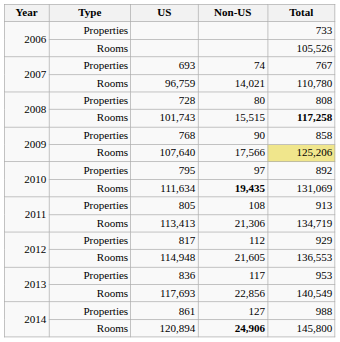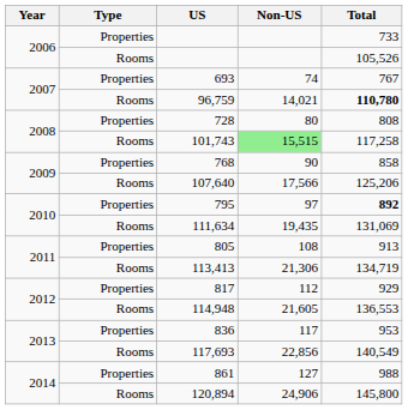 <table class="wikitable mw-collapsible" style="text-align:right; min-width:30em;">
 <tr>
 <th scope="col">Year</th>
 <th scope="col">Type</th>
 <th scope="col">US</th>
 <th scope="col">Non-US</th>
 <th scope="col">Total</th>
 </tr>
 <tr>
 <td rowspan=2>2006</td>
 <td>Properties</td>
 <td></td>
 <td></td>
 <td>733</td>
 </tr>
 <tr>
 <td>Rooms</td>
 <td></td>
 <td></td>
 <td>105,526</td>
 </tr>
 <tr>
 <td rowspan=2>2007</td>
 <td>Properties</td>
 <td>693</td>
 <td>74</td>
 <td>767</td>
 </tr>
 <tr>
 <td>Rooms</td>
 <td>96,759</td>
 <td>14,021</td>
-<td>110,780</td>
+<td><strong>110,780</strong></td>
 </tr>
 <tr>
 <td rowspan=2>2008</td>
 <td>Properties</td>
 <td>728</td>
 <td>80</td>
 <td>808</td>
 </tr>
 <tr>
 <td>Rooms</td>
 <td>101,743</td>
-<td>15,515</td>
-<td><strong>117,258</strong></td>
+<td style="background: lightgreen;">15,515</td>
+<td>117,258</td>
 </tr>
 <tr>
 <td rowspan=2>2009</td>
 <td>Properties</td>
 <td>768</td>
 <td>90</td>
 <td>858</td>
 </tr>
 <tr>
 <td>Rooms</td>
 <td>107,640</td>
 <td>17,566</td>
-<td style="background: khaki;">125,206</td>
+<td>125,206</td>
 </tr>
 <tr>
 <td rowspan=2>2010</td>
 <td>Properties</td>
 <td>795</td>
 <td>97</td>
-<td>892</td>
+<td><strong>892</strong></td>
 </tr>
 <tr>
 <td>Rooms</td>
 <td>111,634</td>
-<td><strong>19,435</strong></td>
+<td>19,435</td>
 <td>131,069</td>
 </tr>
 <tr>
 <td rowspan=2>2011</td>
 <td>Properties</td>
 <td>805</td>
 <td>108</td>
 <td>913</td>
 </tr>
 <tr>
 <td>Rooms</td>
 <td>113,413</td>
 <td>21,306</td>
 <td>134,719</td>
 </tr>
 <tr>
 <td rowspan=2>2012</td>
 <td>Properties</td>
 <td>817</td>
 <td>112</td>
 <td>929</td>
 </tr>
 <tr>
 <td>Rooms</td>
 <td>114,948</td>
 <td>21,605</td>
 <td>136,553</td>
 </tr>
 <tr>
 <td rowspan=2>2013</td>
 <td>Properties</td>
 <td>836</td>
 <td>117</td>
 <td>953</td>
 </tr>
 <tr>
 <td>Rooms</td>
 <td>117,693</td>
 <td>22,856</td>
 <td>140,549</td>
 </tr>
 <tr>
 <td rowspan=2>2014</td>
 <td>Properties</td>
 <td>861</td>
 <td>127</td>
 <td>988</td>
 </tr>
 <tr>
 <td>Rooms</td>
 <td>120,894</td>
-<td><strong>24,906</strong></td>
+<td>24,906</td>
 <td>145,800</td>
 </tr>
 </table>
